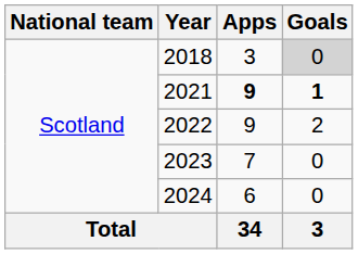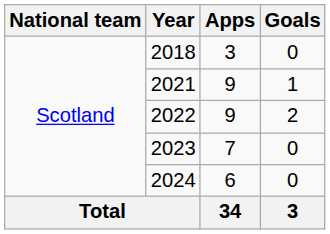 <table class=wikitable style="text-align: center;">
 <tr>
 <th>National team</th>
 <th>Year</th>
 <th>Apps</th>
 <th>Goals</th>
 </tr>
 <tr>
 <td rowspan="5"><a href='#'>Scotland</a></td>
 <td>2018</td>
 <td>3</td>
-<td style="background: lightgrey;">0</td>
+<td>0</td>
 </tr>
 <tr>
 <td>2021</td>
-<td><strong>9</strong></td>
-<td><strong>1</strong></td>
+<td>9</td>
+<td>1</td>
 </tr>
 <tr>
 <td>2022</td>
 <td>9</td>
 <td>2</td>
 </tr>
 <tr>
 <td>2023</td>
 <td>7</td>
 <td>0</td>
 </tr>
 <tr>
 <td>2024</td>
 <td>6</td>
 <td>0</td>
 </tr>
 <tr>
 <th colspan="2">Total</th>
 <th>34</th>
 <th>3</th>
 </tr>
 </table>
